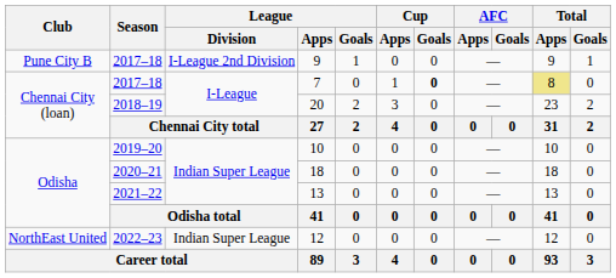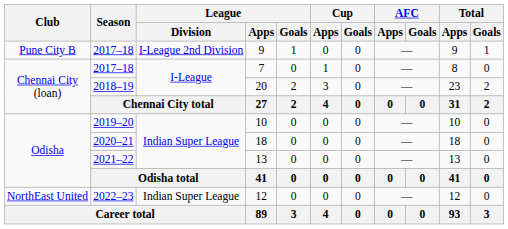 <table class="wikitable" style="text-align: center;">
 <tr>
 <th rowspan="2">Club</th>
 <th rowspan="2">Season</th>
 <th colspan="3">League</th>
 <th colspan="2">Cup</th>
 <th colspan="2"><a href='#'>AFC</a></th>
 <th colspan="2">Total</th>
 </tr>
 <tr>
 <th>Division</th>
 <th>Apps</th>
 <th>Goals</th>
 <th>Apps</th>
 <th>Goals</th>
 <th>Apps</th>
 <th>Goals</th>
 <th>Apps</th>
 <th>Goals</th>
 </tr>
 <tr>
 <td rowspan="1"><a href='#'>Pune City B</a></td>
 <td><a href='#'>2017–18</a></td>
 <td rowspan="1"><a href='#'>I-League 2nd Division</a></td>
 <td>9</td>
 <td>1</td>
 <td>0</td>
 <td>0</td>
 <td colspan="2">—</td>
 <td>9</td>
 <td>1</td>
 </tr>
 <tr>
 <td rowspan="3"><a href='#'>Chennai City</a> <br>(loan)</td>
 <td><a href='#'>2017–18</a></td>
 <td rowspan="2"><a href='#'>I-League</a></td>
 <td>7</td>
 <td>0</td>
 <td>1</td>
-<td><strong>0</strong></td>
+<td>0</td>
 <td colspan="2">—</td>
-<td style="background: khaki;">8</td>
+<td>8</td>
 <td>0</td>
 </tr>
 <tr>
 <td><a href='#'>2018–19</a></td>
 <td>20</td>
 <td>2</td>
 <td>3</td>
 <td>0</td>
 <td colspan="2">—</td>
 <td>23</td>
 <td>2</td>
 </tr>
 <tr>
 <th colspan="2">Chennai City total</th>
 <th>27</th>
 <th>2</th>
 <th>4</th>
 <th>0</th>
 <th>0</th>
 <th>0</th>
 <th>31</th>
 <th>2</th>
 </tr>
 <tr>
 <td rowspan="4"><a href='#'>Odisha</a></td>
 <td><a href='#'>2019–20</a></td>
 <td rowspan="3"><a href='#'>Indian Super League</a></td>
 <td>10</td>
 <td>0</td>
 <td>0</td>
 <td>0</td>
 <td colspan="2">—</td>
 <td>10</td>
 <td>0</td>
 </tr>
 <tr>
 <td><a href='#'>2020–21</a></td>
 <td>18</td>
 <td>0</td>
 <td>0</td>
 <td>0</td>
 <td colspan="2">—</td>
 <td>18</td>
 <td>0</td>
 </tr>
 <tr>
 <td><a href='#'>2021–22</a></td>
 <td>13</td>
 <td>0</td>
 <td>0</td>
 <td>0</td>
 <td colspan="2">—</td>
 <td>13</td>
 <td>0</td>
 </tr>
 <tr>
 <th colspan="2">Odisha total</th>
 <th>41</th>
 <th>0</th>
 <th>0</th>
 <th>0</th>
 <th>0</th>
 <th>0</th>
 <th>41</th>
 <th>0</th>
 </tr>
 <tr>
 <td rowspan="1"><a href='#'>NorthEast United</a></td>
 <td><a href='#'>2022–23</a></td>
 <td rowspan="1">Indian Super League</td>
 <td>12</td>
 <td>0</td>
 <td>0</td>
 <td>0</td>
 <td colspan="2">—</td>
 <td>12</td>
 <td>0</td>
 </tr>
 <tr>
 <th colspan="3">Career total</th>
 <th>89</th>
 <th>3</th>
 <th>4</th>
 <th>0</th>
 <th>0</th>
 <th>0</th>
 <th>93</th>
 <th>3</th>
 </tr>
 </table>
